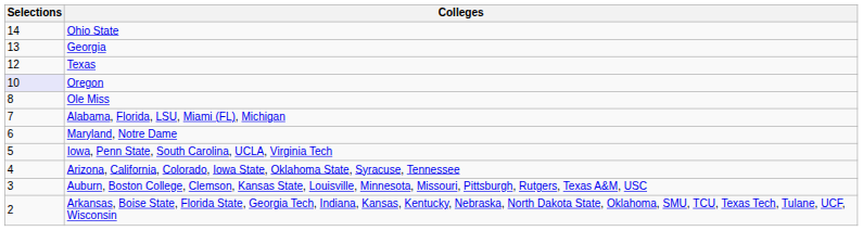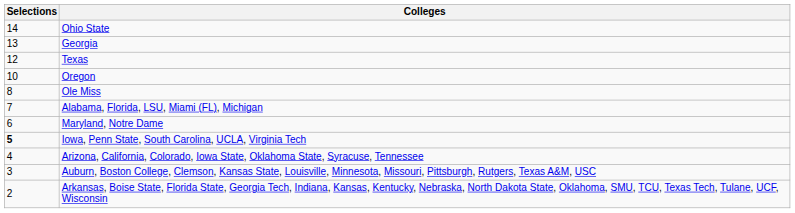 <table class="wikitable">
 <tr>
 <th>Selections</th>
 <th>Colleges</th>
 </tr>
 <tr>
 <td>14</td>
 <td><a href='#'>Ohio State</a></td>
 </tr>
 <tr>
 <td>13</td>
 <td><a href='#'>Georgia</a></td>
 </tr>
 <tr>
 <td>12</td>
 <td><a href='#'>Texas</a></td>
 </tr>
 <tr>
-<td style="background: lavender;">10</td>
+<td>10</td>
 <td><a href='#'>Oregon</a></td>
 </tr>
 <tr>
 <td>8</td>
 <td><a href='#'>Ole Miss</a></td>
 </tr>
 <tr>
 <td>7</td>
 <td><a href='#'>Alabama</a>, <a href='#'>Florida</a>, <a href='#'>LSU</a>, <a href='#'>Miami (FL)</a>, <a href='#'>Michigan</a></td>
 </tr>
 <tr>
 <td>6</td>
 <td><a href='#'>Maryland</a>, <a href='#'>Notre Dame</a></td>
 </tr>
 <tr>
-<td>5</td>
+<td><strong>5</strong></td>
 <td><a href='#'>Iowa</a>, <a href='#'>Penn State</a>, <a href='#'>South Carolina</a>, <a href='#'>UCLA</a>, <a href='#'>Virginia Tech</a></td>
 </tr>
 <tr>
 <td>4</td>
 <td><a href='#'>Arizona</a>, <a href='#'>California</a>, <a href='#'>Colorado</a>, <a href='#'>Iowa State</a>, <a href='#'>Oklahoma State</a>, <a href='#'>Syracuse</a>, <a href='#'>Tennessee</a></td>
 </tr>
 <tr>
 <td>3</td>
 <td><a href='#'>Auburn</a>, <a href='#'>Boston College</a>, <a href='#'>Clemson</a>, <a href='#'>Kansas State</a>, <a href='#'>Louisville</a>, <a href='#'>Minnesota</a>, <a href='#'>Missouri</a>, <a href='#'>Pittsburgh</a>, <a href='#'>Rutgers</a>, <a href='#'>Texas A&M</a>, <a href='#'>USC</a></td>
 </tr>
 <tr>
 <td>2</td>
 <td><a href='#'>Arkansas</a>, <a href='#'>Boise State</a>, <a href='#'>Florida State</a>, <a href='#'>Georgia Tech</a>, <a href='#'>Indiana</a>, <a href='#'>Kansas</a>, <a href='#'>Kentucky</a>, <a href='#'>Nebraska</a>, <a href='#'>North Dakota State</a>, <a href='#'>Oklahoma</a>, <a href='#'>SMU</a>, <a href='#'>TCU</a>, <a href='#'>Texas Tech</a>, <a href='#'>Tulane</a>, <a href='#'>UCF</a>, <a href='#'>Wisconsin</a></td>
 </tr>
 </table>
